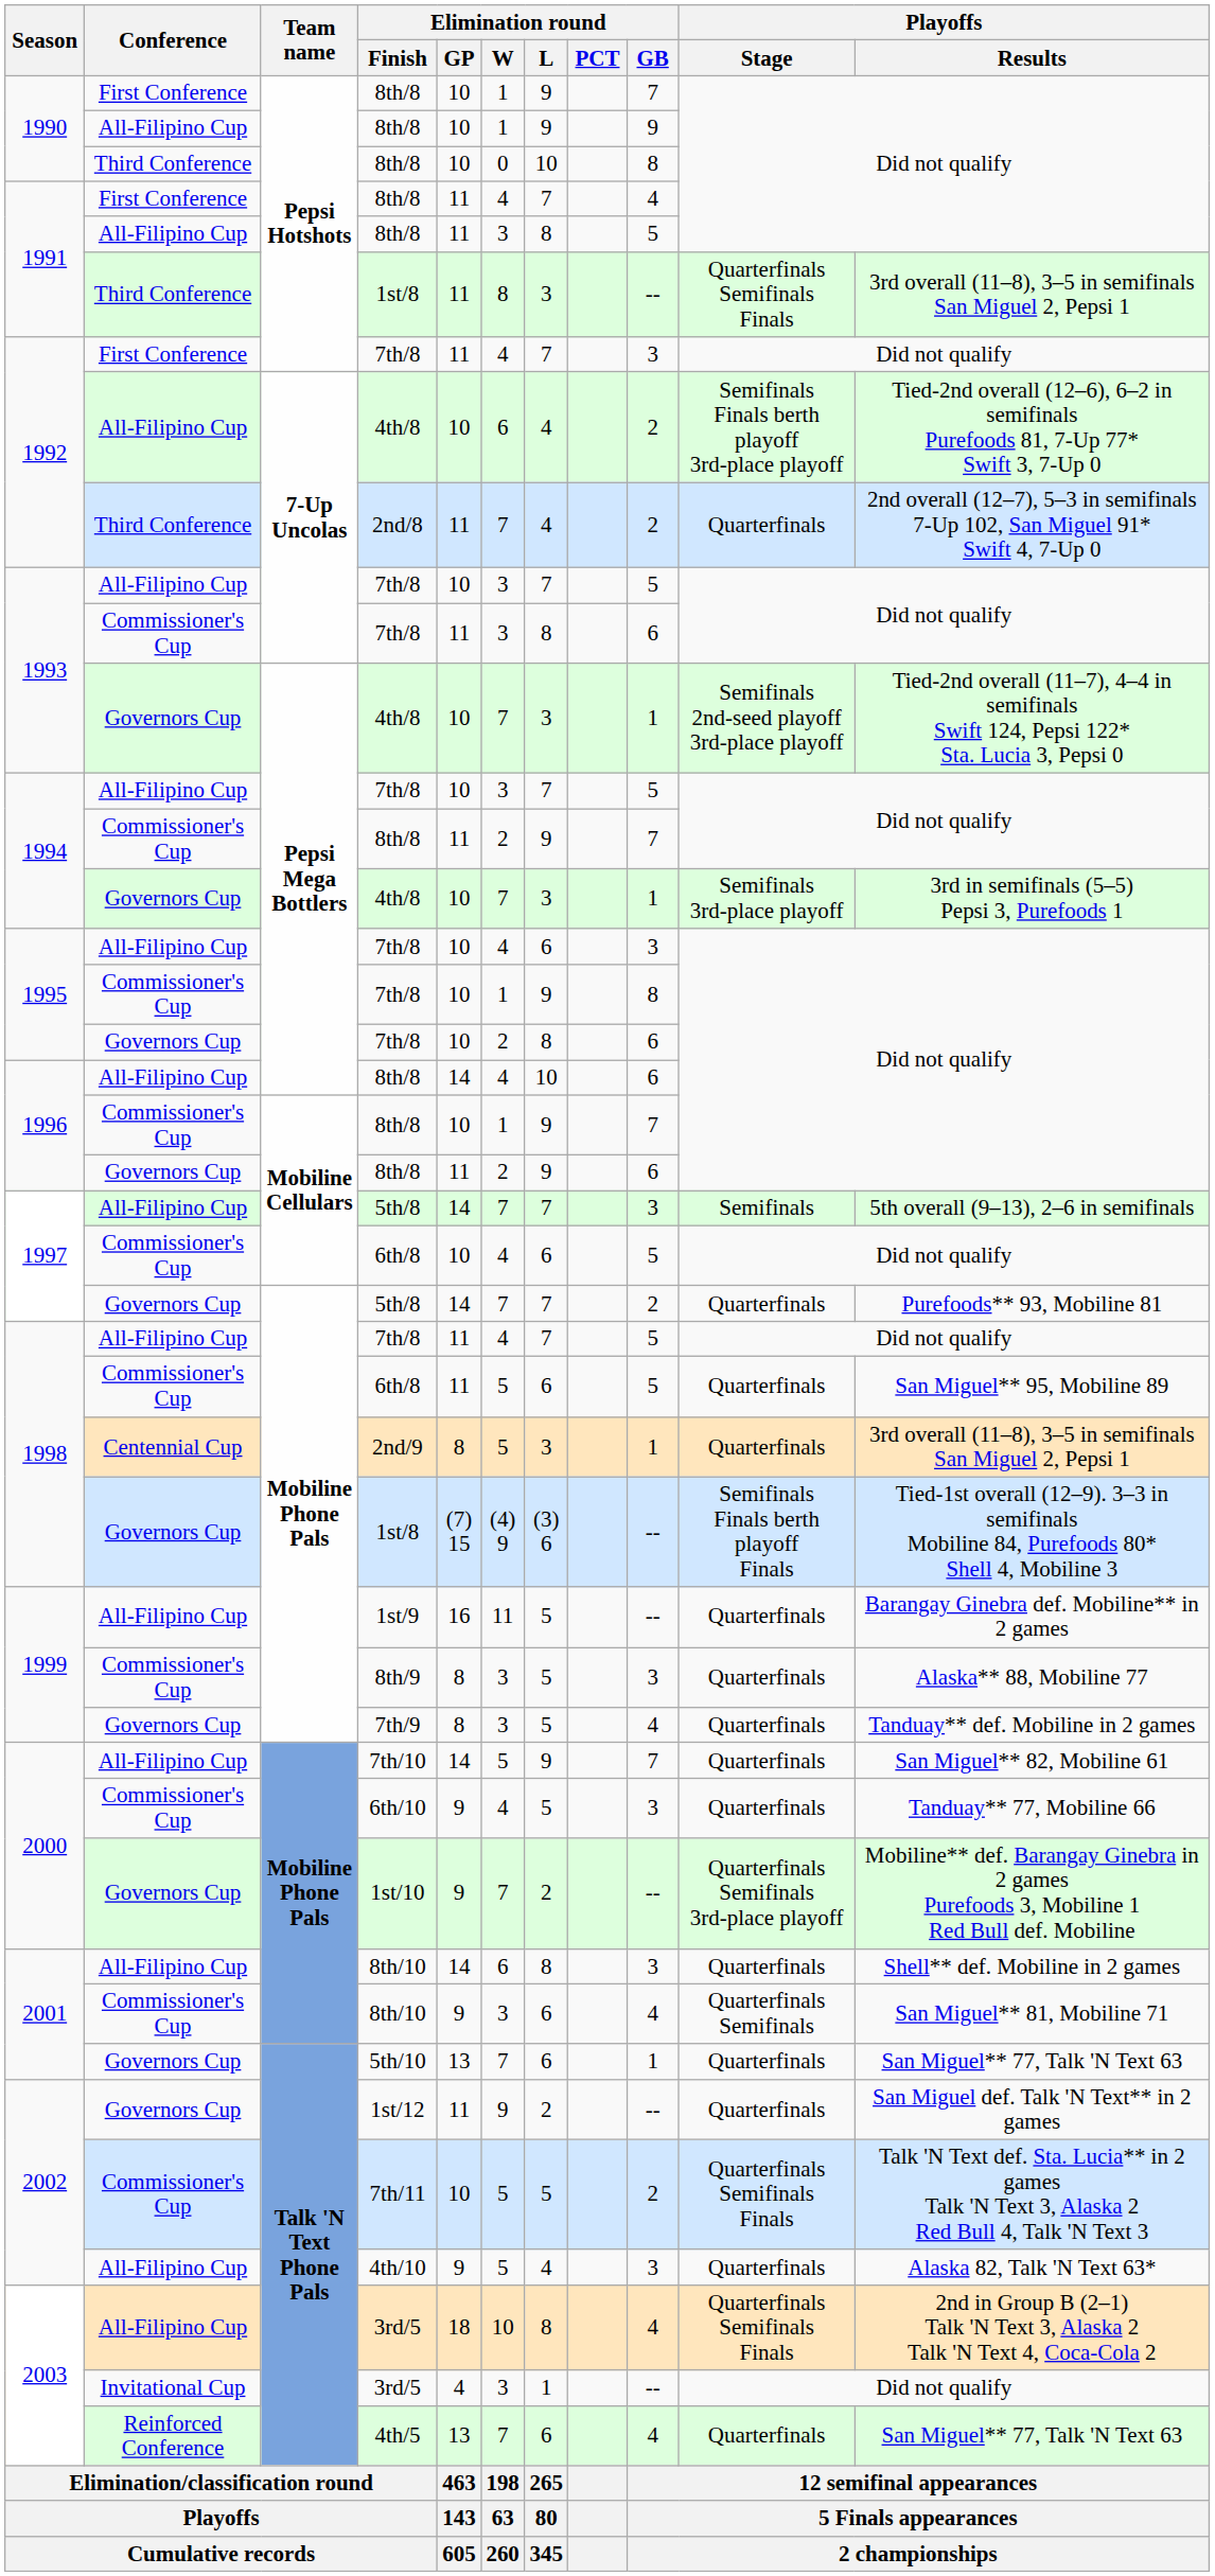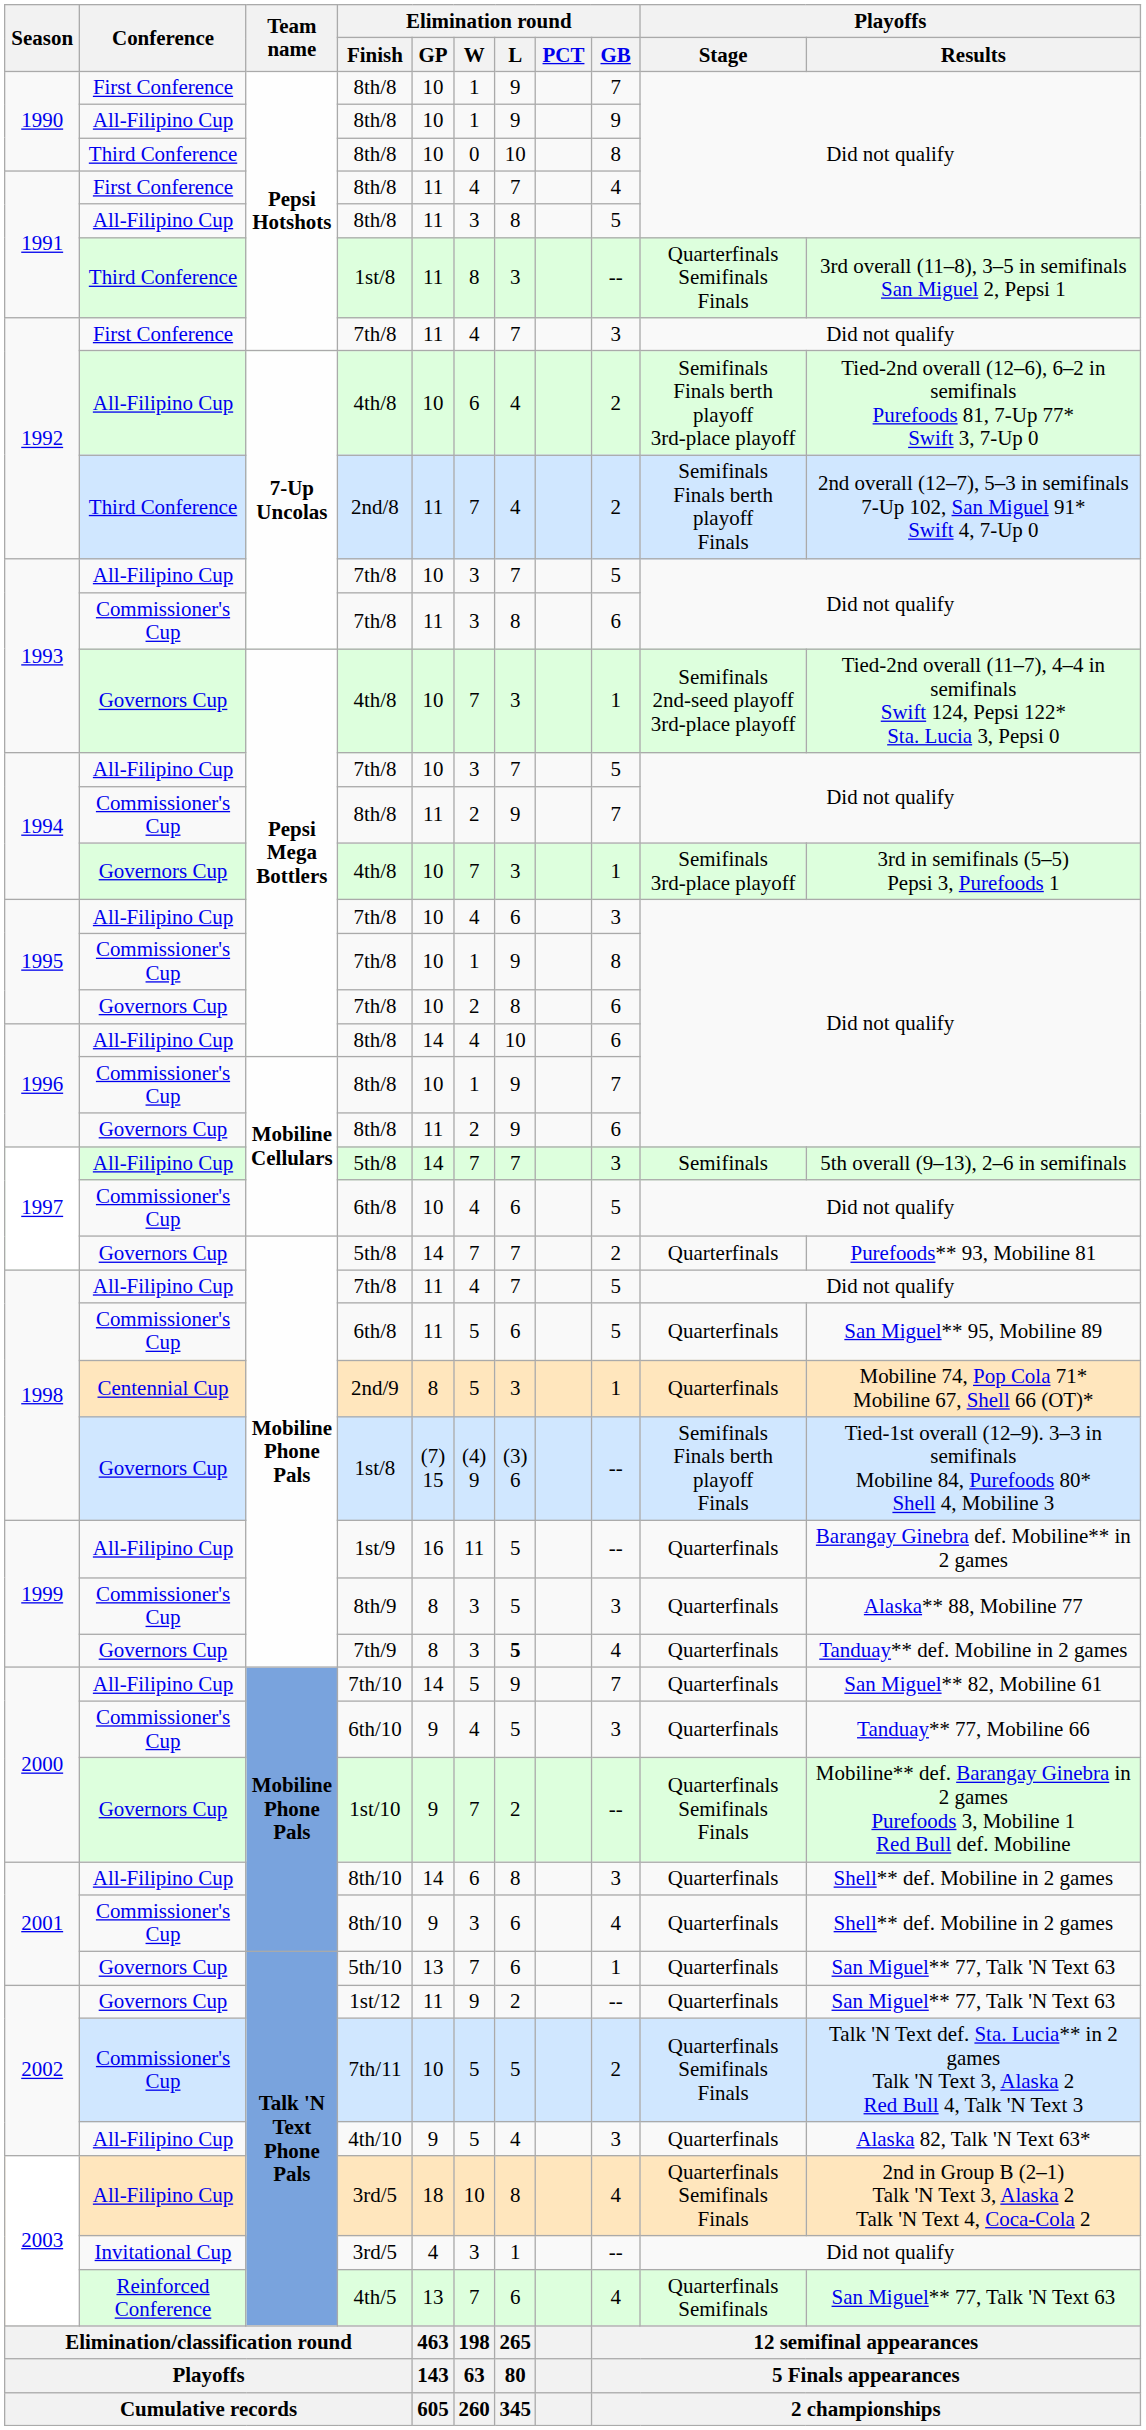 <table class=wikitable style="text-align:center;">
 <tr>
 <th width=50px rowspan=2>Season</th>
 <th width=120px rowspan=2>Conference</th>
 <th width=60px rowspan=2>Team name</th>
 <th colspan=6>Elimination round</th>
 <th colspan=2>Playoffs</th>
 </tr>
 <tr>
 <th width=50px>Finish</th>
 <th width=20px>GP</th>
 <th width=20px>W</th>
 <th width=20px>L</th>
 <th width=35px><a href='#'>PCT</a></th>
 <th width=30px><a href='#'>GB</a></th>
 <th width=120px>Stage</th>
 <th width=250px>Results</th>
 </tr>
 <tr>
 <td rowspan=3><a href='#'>1990</a></td>
 <td><a href='#'>First Conference</a></td>
 <td bgcolor=#fefefe rowspan=7><strong>Pepsi Hotshots</strong></td>
 <td>8th/8</td>
 <td>10</td>
 <td>1</td>
 <td>9</td>
 <td></td>
 <td>7</td>
 <td colspan=2 rowspan=5>Did not qualify</td>
 </tr>
 <tr>
 <td><a href='#'>All-Filipino Cup</a></td>
 <td>8th/8</td>
 <td>10</td>
 <td>1</td>
 <td>9</td>
 <td></td>
 <td>9</td>
 </tr>
 <tr>
 <td><a href='#'>Third Conference</a></td>
 <td>8th/8</td>
 <td>10</td>
 <td>0</td>
 <td>10</td>
 <td></td>
 <td>8</td>
 </tr>
 <tr>
 <td rowspan=3><a href='#'>1991</a></td>
 <td><a href='#'>First Conference</a></td>
 <td>8th/8</td>
 <td>11</td>
 <td>4</td>
 <td>7</td>
 <td></td>
 <td>4</td>
 </tr>
 <tr>
 <td><a href='#'>All-Filipino Cup</a></td>
 <td>8th/8</td>
 <td>11</td>
 <td>3</td>
 <td>8</td>
 <td></td>
 <td>5</td>
 </tr>
 <tr bgcolor=#DDFFDD>
 <td><a href='#'>Third Conference</a></td>
 <td>1st/8</td>
 <td>11</td>
 <td>8</td>
 <td>3</td>
 <td></td>
 <td>--</td>
 <td>Quarterfinals<br>Semifinals<br>Finals</td>
 <td>3rd overall (11–8), 3–5 in semifinals<br><a href='#'>San Miguel</a> 2, Pepsi 1</td>
 </tr>
 <tr>
 <td rowspan=3><a href='#'>1992</a></td>
 <td><a href='#'>First Conference</a></td>
 <td>7th/8</td>
 <td>11</td>
 <td>4</td>
 <td>7</td>
 <td></td>
 <td>3</td>
 <td colspan=2>Did not qualify</td>
 </tr>
 <tr bgcolor=#DDFFDD>
 <td><a href='#'>All-Filipino Cup</a></td>
 <td bgcolor=#fefefe rowspan=4><strong>7-Up Uncolas</strong></td>
 <td>4th/8</td>
 <td>10</td>
 <td>6</td>
 <td>4</td>
 <td></td>
 <td>2</td>
 <td>Semifinals<br>Finals berth playoff<br>3rd-place playoff</td>
 <td>Tied-2nd overall (12–6), 6–2 in semifinals<br><a href='#'>Purefoods</a> 81, 7-Up 77*<br><a href='#'>Swift</a> 3, 7-Up 0</td>
 </tr>
 <tr bgcolor=#D0E7FF>
 <td><a href='#'>Third Conference</a></td>
 <td>2nd/8</td>
 <td>11</td>
 <td>7</td>
 <td>4</td>
 <td></td>
 <td>2</td>
-<td>Quarterfinals</td>
+<td>Semifinals<br>Finals berth playoff<br>Finals</td>
 <td>2nd overall (12–7), 5–3 in semifinals<br>7-Up 102, <a href='#'>San Miguel</a> 91*<br><a href='#'>Swift</a> 4, 7-Up 0</td>
 </tr>
 <tr>
 <td rowspan=3><a href='#'>1993</a></td>
 <td><a href='#'>All-Filipino Cup</a></td>
 <td>7th/8</td>
 <td>10</td>
 <td>3</td>
 <td>7</td>
 <td></td>
 <td>5</td>
 <td colspan=2 rowspan=2>Did not qualify</td>
 </tr>
 <tr>
 <td><a href='#'>Commissioner's Cup</a></td>
 <td>7th/8</td>
 <td>11</td>
 <td>3</td>
 <td>8</td>
 <td></td>
 <td>6</td>
 </tr>
 <tr bgcolor=#DDFFDD>
 <td><a href='#'>Governors Cup</a></td>
 <td bgcolor=#fefefe rowspan=8><strong>Pepsi Mega Bottlers</strong></td>
 <td>4th/8</td>
 <td>10</td>
 <td>7</td>
 <td>3</td>
 <td></td>
 <td>1</td>
 <td>Semifinals<br>2nd-seed playoff<br>3rd-place playoff</td>
 <td>Tied-2nd overall (11–7), 4–4 in semifinals<br><a href='#'>Swift</a> 124, Pepsi 122*<br><a href='#'>Sta. Lucia</a> 3, Pepsi 0</td>
 </tr>
 <tr>
 <td rowspan=3><a href='#'>1994</a></td>
 <td><a href='#'>All-Filipino Cup</a></td>
 <td>7th/8</td>
 <td>10</td>
 <td>3</td>
 <td>7</td>
 <td></td>
 <td>5</td>
 <td colspan=2 rowspan=2>Did not qualify</td>
 </tr>
 <tr>
 <td><a href='#'>Commissioner's Cup</a></td>
 <td>8th/8</td>
 <td>11</td>
 <td>2</td>
 <td>9</td>
 <td></td>
 <td>7</td>
 </tr>
 <tr bgcolor=#DDFFDD>
 <td><a href='#'>Governors Cup</a></td>
 <td>4th/8</td>
 <td>10</td>
 <td>7</td>
 <td>3</td>
 <td></td>
 <td>1</td>
 <td>Semifinals<br>3rd-place playoff</td>
 <td>3rd in semifinals (5–5)<br>Pepsi 3, <a href='#'>Purefoods</a> 1</td>
 </tr>
 <tr>
 <td rowspan=3><a href='#'>1995</a></td>
 <td><a href='#'>All-Filipino Cup</a></td>
 <td>7th/8</td>
 <td>10</td>
 <td>4</td>
 <td>6</td>
 <td></td>
 <td>3</td>
 <td colspan=2 rowspan=6>Did not qualify</td>
 </tr>
 <tr>
 <td><a href='#'>Commissioner's Cup</a></td>
 <td>7th/8</td>
 <td>10</td>
 <td>1</td>
 <td>9</td>
 <td></td>
 <td>8</td>
 </tr>
 <tr>
 <td><a href='#'>Governors Cup</a></td>
 <td>7th/8</td>
 <td>10</td>
 <td>2</td>
 <td>8</td>
 <td></td>
 <td>6</td>
 </tr>
 <tr>
 <td rowspan=3><a href='#'>1996</a></td>
 <td><a href='#'>All-Filipino Cup</a></td>
 <td>8th/8</td>
 <td>14</td>
 <td>4</td>
 <td>10</td>
 <td></td>
 <td>6</td>
 </tr>
 <tr>
 <td><a href='#'>Commissioner's Cup</a></td>
 <td bgcolor=#fefefe rowspan=4><strong>Mobiline Cellulars</strong></td>
 <td>8th/8</td>
 <td>10</td>
 <td>1</td>
 <td>9</td>
 <td></td>
 <td>7</td>
 </tr>
 <tr>
 <td><a href='#'>Governors Cup</a></td>
 <td>8th/8</td>
 <td>11</td>
 <td>2</td>
 <td>9</td>
 <td></td>
 <td>6</td>
 </tr>
 <tr bgcolor=#DDFFDD>
 <td bgcolor=white rowspan=3><a href='#'>1997</a></td>
 <td><a href='#'>All-Filipino Cup</a></td>
 <td>5th/8</td>
 <td>14</td>
 <td>7</td>
 <td>7</td>
 <td></td>
 <td>3</td>
 <td>Semifinals</td>
 <td>5th overall (9–13), 2–6 in semifinals</td>
 </tr>
 <tr>
 <td><a href='#'>Commissioner's Cup</a></td>
 <td>6th/8</td>
 <td>10</td>
 <td>4</td>
 <td>6</td>
 <td></td>
 <td>5</td>
 <td colspan=2>Did not qualify</td>
 </tr>
 <tr>
 <td><a href='#'>Governors Cup</a></td>
 <td bgcolor=#fefefe rowspan=8><strong>Mobiline Phone Pals</strong></td>
 <td>5th/8</td>
 <td>14</td>
 <td>7</td>
 <td>7</td>
 <td></td>
 <td>2</td>
 <td>Quarterfinals</td>
 <td><a href='#'>Purefoods</a>** 93, Mobiline 81</td>
 </tr>
 <tr>
 <td rowspan=4><a href='#'>1998</a></td>
 <td><a href='#'>All-Filipino Cup</a></td>
 <td>7th/8</td>
 <td>11</td>
 <td>4</td>
 <td>7</td>
 <td></td>
 <td>5</td>
 <td colspan=2>Did not qualify</td>
 </tr>
 <tr>
 <td><a href='#'>Commissioner's Cup</a></td>
 <td>6th/8</td>
 <td>11</td>
 <td>5</td>
 <td>6</td>
 <td></td>
 <td>5</td>
 <td>Quarterfinals</td>
 <td><a href='#'>San Miguel</a>** 95, Mobiline 89</td>
 </tr>
 <tr bgcolor=#FFE6BD>
 <td><a href='#'>Centennial Cup</a></td>
 <td>2nd/9</td>
 <td>8</td>
 <td>5</td>
 <td>3</td>
 <td></td>
 <td>1</td>
 <td>Quarterfinals</td>
-<td>3rd overall (11–8), 3–5 in semifinals<br><a href='#'>San Miguel</a> 2, Pepsi 1</td>
+<td>Mobiline 74, <a href='#'>Pop Cola</a> 71*<br>Mobiline 67, <a href='#'>Shell</a> 66 (OT)*</td>
 </tr>
 <tr bgcolor=#D0E7FF>
 <td><a href='#'>Governors Cup</a></td>
 <td>1st/8</td>
 <td>(7)<br>15</td>
 <td>(4)<br>9</td>
 <td>(3)<br>6</td>
 <td><br></td>
 <td>--</td>
 <td>Semifinals<br>Finals berth playoff<br>Finals</td>
 <td>Tied-1st overall (12–9). 3–3 in semifinals<br>Mobiline 84, <a href='#'>Purefoods</a> 80*<br><a href='#'>Shell</a> 4, Mobiline 3</td>
 </tr>
 <tr>
 <td rowspan=3><a href='#'>1999</a></td>
 <td><a href='#'>All-Filipino Cup</a></td>
 <td>1st/9</td>
 <td>16</td>
 <td>11</td>
 <td>5</td>
 <td></td>
 <td>--</td>
 <td>Quarterfinals</td>
 <td><a href='#'>Barangay Ginebra</a> def. Mobiline** in 2 games</td>
 </tr>
 <tr>
 <td><a href='#'>Commissioner's Cup</a></td>
 <td>8th/9</td>
 <td>8</td>
 <td>3</td>
 <td>5</td>
 <td></td>
 <td>3</td>
 <td>Quarterfinals</td>
 <td><a href='#'>Alaska</a>** 88, Mobiline 77</td>
 </tr>
 <tr>
 <td><a href='#'>Governors Cup</a></td>
 <td>7th/9</td>
 <td>8</td>
 <td>3</td>
-<td>5</td>
+<td><strong>5</strong></td>
 <td></td>
 <td>4</td>
 <td>Quarterfinals</td>
 <td><a href='#'>Tanduay</a>** def. Mobiline in 2 games</td>
 </tr>
 <tr>
 <td rowspan=3><a href='#'>2000</a></td>
 <td><a href='#'>All-Filipino Cup</a></td>
 <td rowspan=5 bgcolor=#fefefe style="background:#79A3DD; color:#000000; "><span><strong>Mobiline Phone Pals</strong></span></td>
 <td>7th/10</td>
 <td>14</td>
 <td>5</td>
 <td>9</td>
 <td></td>
 <td>7</td>
 <td>Quarterfinals</td>
 <td><a href='#'>San Miguel</a>** 82, Mobiline 61</td>
 </tr>
 <tr>
 <td><a href='#'>Commissioner's Cup</a></td>
 <td>6th/10</td>
 <td>9</td>
 <td>4</td>
 <td>5</td>
 <td></td>
 <td>3</td>
 <td>Quarterfinals</td>
 <td><a href='#'>Tanduay</a>** 77, Mobiline 66</td>
 </tr>
 <tr bgcolor=#DDFFDD>
 <td><a href='#'>Governors Cup</a></td>
 <td>1st/10</td>
 <td>9</td>
 <td>7</td>
 <td>2</td>
 <td></td>
 <td>--</td>
-<td>Quarterfinals<br>Semifinals<br>3rd-place playoff</td>
+<td>Quarterfinals<br>Semifinals<br>Finals</td>
 <td>Mobiline** def. <a href='#'>Barangay Ginebra</a> in 2 games<br><a href='#'>Purefoods</a> 3, Mobiline 1<br><a href='#'>Red Bull</a> def. Mobiline</td>
 </tr>
 <tr>
 <td rowspan=3><a href='#'>2001</a></td>
 <td><a href='#'>All-Filipino Cup</a></td>
 <td>8th/10</td>
 <td>14</td>
 <td>6</td>
 <td>8</td>
 <td></td>
 <td>3</td>
 <td>Quarterfinals</td>
 <td><a href='#'>Shell</a>** def. Mobiline in 2 games</td>
 </tr>
 <tr>
 <td><a href='#'>Commissioner's Cup</a></td>
 <td>8th/10</td>
 <td>9</td>
 <td>3</td>
 <td>6</td>
 <td></td>
 <td>4</td>
-<td>Quarterfinals<br>Semifinals</td>
-<td><a href='#'>San Miguel</a>** 81, Mobiline 71</td>
+<td>Quarterfinals</td>
+<td><a href='#'>Shell</a>** def. Mobiline in 2 games</td>
 </tr>
 <tr>
 <td><a href='#'>Governors Cup</a></td>
 <td bgcolor=#fefefe rowspan=7 style="background:#79A3DD; color:#000000; "><span><strong>Talk 'N Text Phone Pals</strong></span></td>
 <td>5th/10</td>
 <td>13</td>
 <td>7</td>
 <td>6</td>
 <td></td>
 <td>1</td>
 <td>Quarterfinals</td>
 <td><a href='#'>San Miguel</a>** 77, Talk 'N Text 63</td>
 </tr>
 <tr>
 <td rowspan=3><a href='#'>2002</a></td>
 <td><a href='#'>Governors Cup</a></td>
 <td>1st/12</td>
 <td>11</td>
 <td>9</td>
 <td>2</td>
 <td></td>
 <td>--</td>
 <td>Quarterfinals</td>
-<td><a href='#'>San Miguel</a> def. Talk 'N Text** in 2 games</td>
+<td><a href='#'>San Miguel</a>** 77, Talk 'N Text 63</td>
 </tr>
 <tr bgcolor=#D0E7FF>
 <td><a href='#'>Commissioner's Cup</a></td>
 <td>7th/11</td>
 <td>10</td>
 <td>5</td>
 <td>5</td>
 <td></td>
 <td>2</td>
 <td>Quarterfinals<br>Semifinals<br>Finals</td>
 <td>Talk 'N Text def. <a href='#'>Sta. Lucia</a>** in 2 games<br>Talk 'N Text 3, <a href='#'>Alaska</a> 2<br><a href='#'>Red Bull</a> 4, Talk 'N Text 3</td>
 </tr>
 <tr>
 <td><a href='#'>All-Filipino Cup</a></td>
 <td>4th/10</td>
 <td>9</td>
 <td>5</td>
 <td>4</td>
 <td></td>
 <td>3</td>
 <td>Quarterfinals</td>
 <td><a href='#'>Alaska</a> 82, Talk 'N Text 63*</td>
 </tr>
 <tr bgcolor=#FFE6BD>
 <td bgcolor=white rowspan=3><a href='#'>2003</a></td>
 <td><a href='#'>All-Filipino Cup</a></td>
 <td>3rd/5</td>
 <td>18</td>
 <td>10</td>
 <td>8</td>
 <td></td>
 <td>4</td>
 <td>Quarterfinals<br>Semifinals<br>Finals</td>
 <td>2nd in Group B (2–1)<br>Talk 'N Text 3, <a href='#'>Alaska</a> 2<br>Talk 'N Text 4, <a href='#'>Coca-Cola</a> 2</td>
 </tr>
 <tr>
 <td><a href='#'>Invitational Cup</a></td>
 <td>3rd/5</td>
 <td>4</td>
 <td>3</td>
 <td>1</td>
 <td></td>
 <td>--</td>
 <td colspan=2>Did not qualify</td>
 </tr>
 <tr bgcolor=#DDFFDD>
 <td><a href='#'>Reinforced Conference</a></td>
 <td>4th/5</td>
 <td>13</td>
 <td>7</td>
 <td>6</td>
 <td></td>
 <td>4</td>
-<td>Quarterfinals</td>
+<td>Quarterfinals<br>Semifinals</td>
 <td><a href='#'>San Miguel</a>** 77, Talk 'N Text 63</td>
 </tr>
 <tr>
 <th colspan=4>Elimination/classification round</th>
 <th>463</th>
 <th>198</th>
 <th>265</th>
 <th></th>
 <th colspan=3>12 semifinal appearances</th>
 </tr>
 <tr>
 <th colspan=4>Playoffs</th>
 <th>143</th>
 <th>63</th>
 <th>80</th>
 <th></th>
 <th colspan=3>5 Finals appearances</th>
 </tr>
 <tr>
 <th colspan=4>Cumulative records</th>
 <th>605</th>
 <th>260</th>
 <th>345</th>
 <th></th>
 <th colspan=3>2 championships</th>
 </tr>
 </table>
